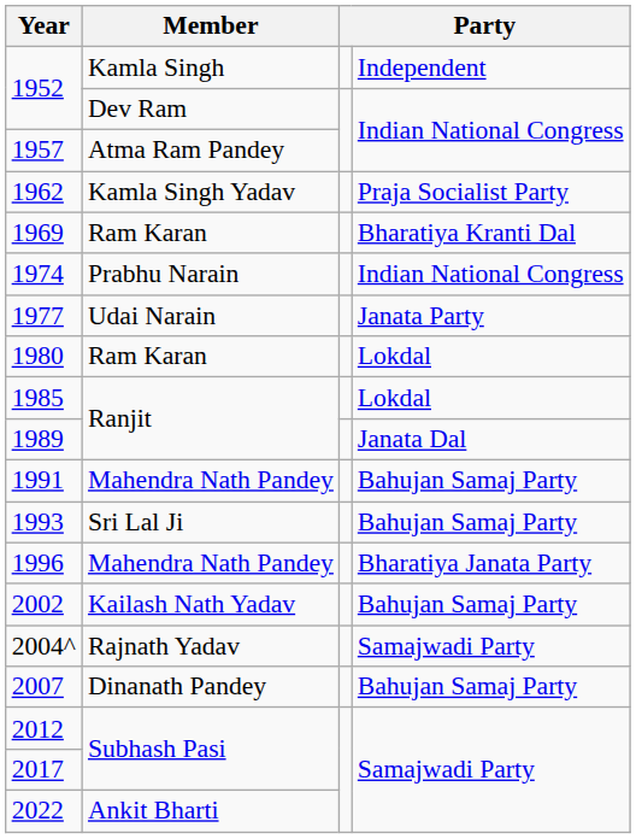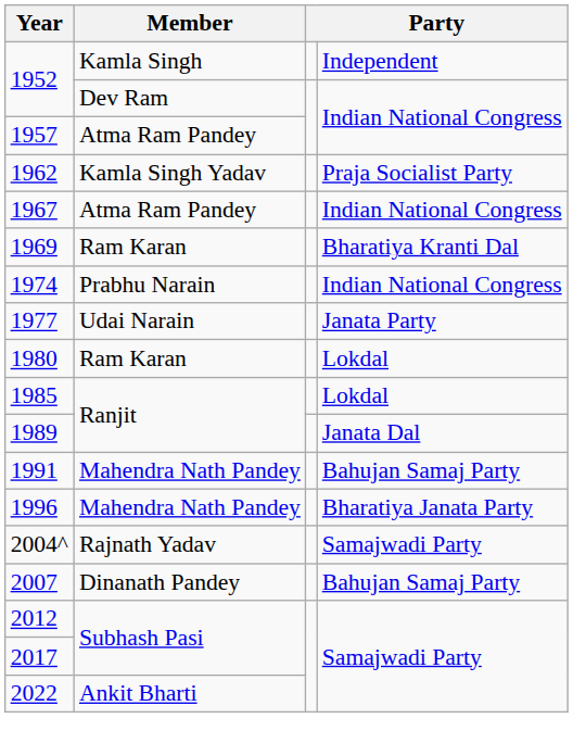 <table class="wikitable">
 <tr>
 <th>Year</th>
 <th>Member</th>
 <th colspan="2">Party</th>
 </tr>
 <tr>
 <td rowspan="2"><a href='#'>1952</a></td>
 <td>Kamla Singh</td>
 <td style="background-color: "></td>
 <td><a href='#'>Independent</a></td>
 </tr>
 <tr>
 <td>Dev Ram</td>
 <td rowspan="2" style="background-color: "></td>
 <td rowspan="2"><a href='#'>Indian National Congress</a></td>
 </tr>
 <tr>
 <td><a href='#'>1957</a></td>
 <td>Atma Ram Pandey</td>
 </tr>
 <tr>
 <td><a href='#'>1962</a></td>
 <td>Kamla Singh Yadav</td>
 <td style="background-color: "></td>
 <td><a href='#'>Praja Socialist Party</a></td>
+</tr>
+<tr>
+<td><a href='#'>1967</a></td>
+<td>Atma Ram Pandey</td>
+<td style="background-color: "></td>
+<td><a href='#'>Indian National Congress</a></td>
 </tr>
 <tr>
 <td><a href='#'>1969</a></td>
 <td>Ram Karan</td>
 <td style="background-color: "></td>
 <td><a href='#'>Bharatiya Kranti Dal</a></td>
 </tr>
 <tr>
 <td><a href='#'>1974</a></td>
 <td>Prabhu Narain</td>
 <td style="background-color: "></td>
 <td><a href='#'>Indian National Congress</a></td>
 </tr>
 <tr>
 <td><a href='#'>1977</a></td>
 <td>Udai Narain</td>
 <td style="background-color: "></td>
 <td><a href='#'>Janata Party</a></td>
 </tr>
 <tr>
 <td><a href='#'>1980</a></td>
 <td>Ram Karan</td>
 <td style="background-color: "></td>
 <td><a href='#'>Lokdal</a></td>
 </tr>
 <tr>
 <td><a href='#'>1985</a></td>
 <td rowspan="2">Ranjit</td>
 <td style="background-color: "></td>
 <td><a href='#'>Lokdal</a></td>
 </tr>
 <tr>
 <td><a href='#'>1989</a></td>
 <td style="background-color: "></td>
 <td><a href='#'>Janata Dal</a></td>
 </tr>
 <tr>
 <td><a href='#'>1991</a></td>
 <td><a href='#'>Mahendra Nath Pandey</a></td>
 <td style="background-color: "></td>
 <td><a href='#'>Bahujan Samaj Party</a></td>
 </tr>
 <tr>
-<td><a href='#'>1993</a></td>
-<td>Sri Lal Ji</td>
-<td style="background-color: "></td>
-<td><a href='#'>Bahujan Samaj Party</a></td>
-</tr>
-<tr>
 <td><a href='#'>1996</a></td>
 <td><a href='#'>Mahendra Nath Pandey</a></td>
 <td style="background-color: "></td>
 <td><a href='#'>Bharatiya Janata Party</a></td>
-</tr>
-<tr>
-<td><a href='#'>2002</a></td>
-<td><a href='#'>Kailash Nath Yadav</a></td>
-<td style="background-color: "></td>
-<td><a href='#'>Bahujan Samaj Party</a></td>
 </tr>
 <tr>
 <td>2004^</td>
 <td>Rajnath Yadav</td>
 <td style="background-color: "></td>
 <td><a href='#'>Samajwadi Party</a></td>
 </tr>
 <tr>
 <td><a href='#'>2007</a></td>
 <td>Dinanath Pandey</td>
 <td style="background-color: "></td>
 <td><a href='#'>Bahujan Samaj Party</a></td>
 </tr>
 <tr>
 <td><a href='#'>2012</a></td>
 <td rowspan="2"><a href='#'>Subhash Pasi</a></td>
 <td rowspan="3" style="background-color: "></td>
 <td rowspan="3"><a href='#'>Samajwadi Party</a></td>
 </tr>
 <tr>
 <td><a href='#'>2017</a></td>
 </tr>
 <tr>
 <td><a href='#'>2022</a></td>
 <td><a href='#'>Ankit Bharti</a></td>
 </tr>
 </table>
